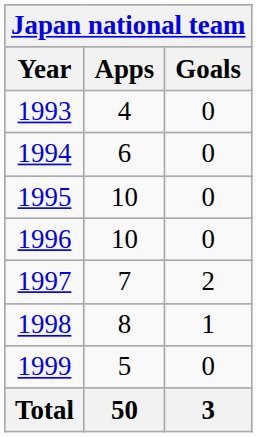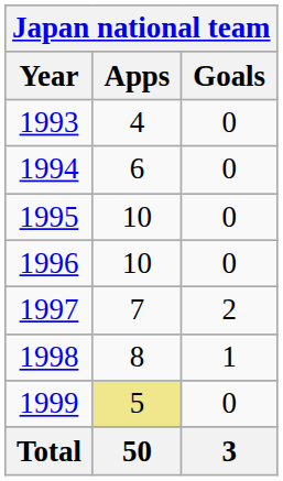 <table class="wikitable" style="text-align:center">
 <tr>
 <th colspan=3><a href='#'>Japan national team</a></th>
 </tr>
 <tr>
 <th>Year</th>
 <th>Apps</th>
 <th>Goals</th>
 </tr>
 <tr>
 <td><a href='#'>1993</a></td>
 <td>4</td>
 <td>0</td>
 </tr>
 <tr>
 <td><a href='#'>1994</a></td>
 <td>6</td>
 <td>0</td>
 </tr>
 <tr>
 <td><a href='#'>1995</a></td>
 <td>10</td>
 <td>0</td>
 </tr>
 <tr>
 <td><a href='#'>1996</a></td>
 <td>10</td>
 <td>0</td>
 </tr>
 <tr>
 <td><a href='#'>1997</a></td>
 <td>7</td>
 <td>2</td>
 </tr>
 <tr>
 <td><a href='#'>1998</a></td>
 <td>8</td>
 <td>1</td>
 </tr>
 <tr>
 <td><a href='#'>1999</a></td>
-<td>5</td>
+<td style="background: khaki;">5</td>
 <td>0</td>
 </tr>
 <tr>
 <th>Total</th>
 <th>50</th>
 <th>3</th>
 </tr>
 </table>
